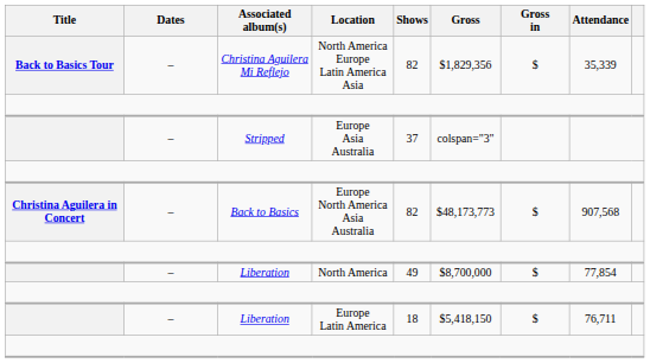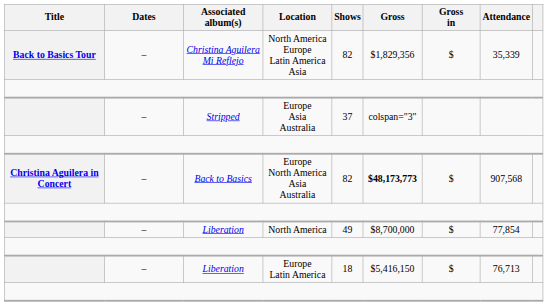 <table class="wikitable sortable plainrowheaders" style="text-align:center;" width="100%">
 <tr>
 <th scope="col" width="19%">Title</th>
 <th scope="col" width="15%">Dates</th>
 <th scope="col" width="15%">Associated album(s)</th>
 <th scope="col" width="13%">Location</th>
 <th scope="col" width="4%">Shows</th>
 <th scope="col" width="11%">Gross</th>
 <th scope="col" width="11%">Gross <br>in </th>
 <th scope="col" width="8%">Attendance</th>
 <th class="unsortable" scope="col" width="2%"></th>
 </tr>
 <tr>
 <th scope="row"><a href='#'>Back to Basics Tour</a></th>
 <td>–<br></td>
 <td><em><a href='#'>Christina Aguilera</a></em><br><em><a href='#'>Mi Reflejo</a></em></td>
 <td>North America<br>Europe<br>Latin America<br>Asia</td>
 <td>82</td>
 <td>$1,829,356</td>
 <td>$</td>
 <td>35,339</td>
 <td></td>
 </tr>
 <tr class="expand-child">
 <td colspan="9" style = "border-bottom-width:3px; padding:5px;"><br></td>
 </tr>
 <tr>
 <th scope="row"></th>
 <td>–<br></td>
 <td><em><a href='#'>Stripped</a></em></td>
 <td>Europe<br>Asia<br>Australia</td>
 <td>37</td>
 <td>colspan="3" </td>
 <td></td>
 </tr>
 <tr class="expand-child">
 <td colspan="9" style = "border-bottom-width:3px; padding:5px;"><br></td>
 </tr>
 <tr>
 <th scope="row"><a href='#'>Christina Aguilera in Concert</a></th>
 <td>–<br></td>
 <td><em><a href='#'>Back to Basics</a></em></td>
 <td>Europe<br>North America<br>Asia<br>Australia</td>
 <td>82</td>
-<td>$48,173,773</td>
+<td><strong>$48,173,773</strong></td>
 <td>$</td>
 <td>907,568</td>
 <td></td>
 </tr>
 <tr class="expand-child">
 <td colspan="9" style = "border-bottom-width:3px; padding:5px;"><br></td>
 </tr>
 <tr>
 <th scope="row"></th>
 <td>–<br></td>
 <td><em><a href='#'>Liberation</a></em></td>
 <td>North America</td>
 <td>49</td>
 <td>$8,700,000</td>
 <td>$</td>
 <td>77,854</td>
 <td></td>
 </tr>
 <tr class="expand-child">
 <td colspan="9" style = "border-bottom-width:3px; padding:5px;"><br></td>
 </tr>
 <tr>
 <th scope="row"></th>
 <td>–<br></td>
 <td><em><a href='#'>Liberation</a></em></td>
 <td>Europe<br>Latin America</td>
 <td>18</td>
-<td>$5,418,150</td>
+<td>$5,416,150</td>
 <td>$</td>
-<td>76,711</td>
+<td>76,713</td>
 <td></td>
 </tr>
 <tr class="expand-child">
 <td colspan="9" style = "border-bottom-width:3px; padding:5px;"><br></td>
 </tr>
 <tr>
 </tr>
 </table>
